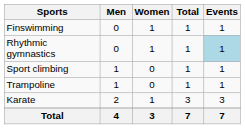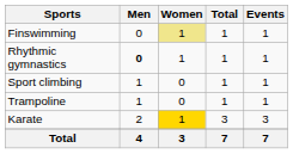 <table class="wikitable sortable" style="text-align:center;">
 <tr>
 <th width=150>Sports</th>
 <th width=45>Men</th>
 <th width=45>Women</th>
 <th width=45>Total</th>
 <th width=45>Events</th>
 </tr>
 <tr>
 <td align=left>Finswimming</td>
 <td>0</td>
-<td>1</td>
+<td style="background: khaki;">1</td>
 <td>1</td>
 <td>1</td>
 </tr>
 <tr>
 <td align=left>Rhythmic gymnastics</td>
-<td>0</td>
+<td><strong>0</strong></td>
 <td>1</td>
 <td>1</td>
-<td style="background: lightblue;">1</td>
+<td>1</td>
 </tr>
 <tr>
 <td align=left>Sport climbing</td>
 <td>1</td>
 <td>0</td>
 <td>1</td>
 <td>1</td>
 </tr>
 <tr>
 <td align=left>Trampoline</td>
 <td>1</td>
 <td>0</td>
 <td>1</td>
 <td>1</td>
 </tr>
 <tr>
 <td align=left>Karate</td>
 <td>2</td>
-<td>1</td>
+<td style="background: gold;">1</td>
 <td>3</td>
 <td>3</td>
 </tr>
 <tr>
 </tr>
 <tr class="sortbottom">
 <th>Total</th>
 <th>4</th>
 <th>3</th>
 <th>7</th>
 <th>7</th>
 </tr>
 </table>
